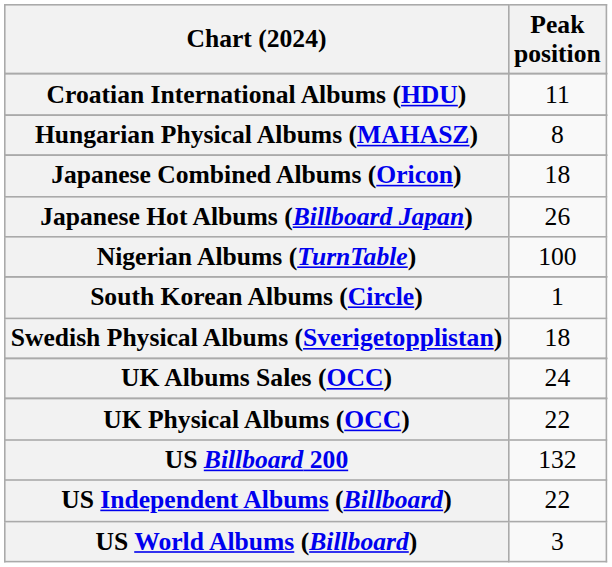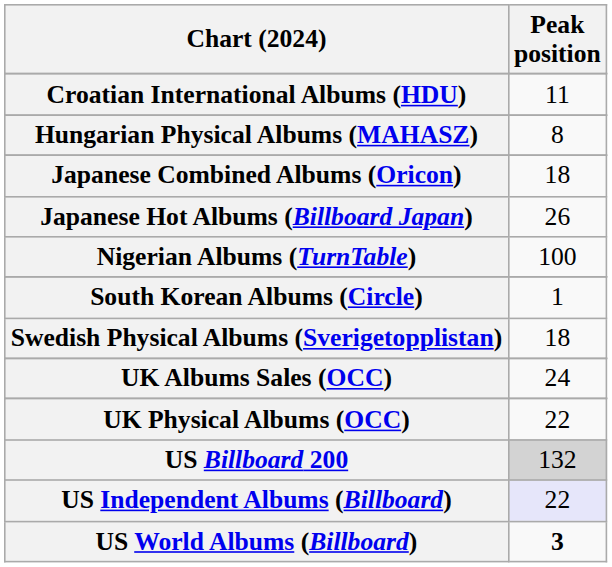 <table class="wikitable plainrowheaders sortable" style="text-align:center">
 <tr>
 <th scope="col">Chart (2024)</th>
 <th scope="col">Peak<br>position</th>
 </tr>
 <tr>
 </tr>
 <tr>
 <th scope="row">Croatian International Albums (<a href='#'>HDU</a>)</th>
 <td>11</td>
 </tr>
 <tr>
 </tr>
 <tr>
 <th scope="row">Hungarian Physical Albums (<a href='#'>MAHASZ</a>)</th>
 <td>8</td>
 </tr>
 <tr>
 </tr>
 <tr>
 <th scope="row">Japanese Combined Albums (<a href='#'>Oricon</a>)</th>
 <td>18</td>
 </tr>
 <tr>
 <th scope="row">Japanese Hot Albums (<em><a href='#'>Billboard Japan</a></em>)</th>
 <td>26</td>
 </tr>
 <tr>
 <th scope="row">Nigerian Albums (<a href='#'><em>TurnTable</em></a>)</th>
 <td>100</td>
 </tr>
 <tr>
 </tr>
 <tr>
 </tr>
 <tr>
 <th scope="row">South Korean Albums (<a href='#'>Circle</a>)</th>
 <td>1</td>
 </tr>
 <tr>
 <th scope="row">Swedish Physical Albums (<a href='#'>Sverigetopplistan</a>)</th>
 <td>18</td>
 </tr>
 <tr>
 </tr>
 <tr>
 <th scope="row">UK Albums Sales (<a href='#'>OCC</a>)</th>
 <td>24</td>
 </tr>
 <tr>
 </tr>
 <tr>
 <th scope="row">UK Physical Albums (<a href='#'>OCC</a>)</th>
 <td>22</td>
 </tr>
 <tr>
 <th scope="row">US <a href='#'><em>Billboard</em> 200</a></th>
-<td>132</td>
+<td style="background: lightgrey;">132</td>
 </tr>
 <tr>
 <th scope="row">US <a href='#'>Independent Albums</a> (<em><a href='#'>Billboard</a></em>)</th>
-<td>22</td>
+<td style="background: lavender;">22</td>
 </tr>
 <tr>
 <th scope="row">US <a href='#'>World Albums</a> (<em><a href='#'>Billboard</a></em>)</th>
-<td>3</td>
+<td><strong>3</strong></td>
 </tr>
 </table>
